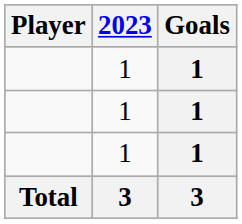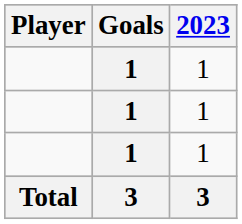 <table class="wikitable sortable" style="text-align:center;">
 <tr>
 <th>Player</th>
+<th>Goals</th>
 <th><a href='#'>2023</a></th>
-<th>Goals</th>
 </tr>
 <tr>
 <td align="left"></td>
+<th>1</th>
 <td>1</td>
-<th>1</th>
 </tr>
 <tr>
 <td align="left"></td>
+<th>1</th>
 <td>1</td>
-<th>1</th>
 </tr>
 <tr>
 <td align="left"></td>
+<th>1</th>
 <td>1</td>
-<th>1</th>
 </tr>
 <tr class="sortbottom">
 <th>Total</th>
 <th>3</th>
 <th>3</th>
 </tr>
 </table>
